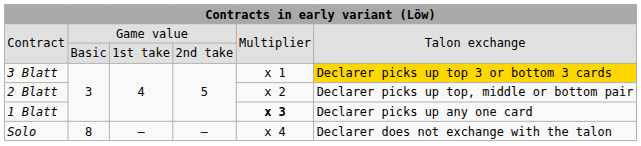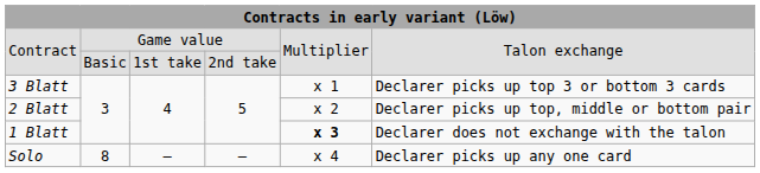 <table class="wikitable">
 <tr>
 <td style="background:#A9A9A9" colspan="6" align="center"><strong>Contracts in early variant (Löw)</strong></td>
 </tr>
 <tr>
 <td style="background:#E0E0E0" align="center" rowspan="2">Contract</td>
 <td style="background:#E0E0E0" align="center" colspan="3">Game value</td>
 <td style="background:#E0E0E0" align="center" rowspan="2">Multiplier</td>
 <td style="background:#E0E0E0" align="center" rowspan="2">Talon exchange</td>
 </tr>
 <tr>
 <td style="background:#E0E0E0" align="center">Basic</td>
 <td style="background:#E0E0E0" align="center">1st take</td>
 <td style="background:#E0E0E0" align="center">2nd take</td>
 </tr>
 <tr>
 <td><em>3 Blatt</em></td>
 <td rowspan = "3" align="center">3</td>
 <td rowspan = "3" align="center">4</td>
 <td rowspan = "3" align="center">5</td>
 <td align="center">x 1</td>
-<td style="background: gold;">Declarer picks up top 3 or bottom 3 cards</td>
+<td>Declarer picks up top 3 or bottom 3 cards</td>
 </tr>
 <tr>
 <td><em>2 Blatt</em></td>
 <td align="center">x 2</td>
 <td>Declarer picks up top, middle or bottom pair</td>
 </tr>
 <tr>
 <td><em>1 Blatt</em></td>
 <td align="center"><strong>x 3</strong></td>
-<td>Declarer picks up any one card</td>
+<td>Declarer does not exchange with  the talon</td>
 </tr>
 <tr>
 <td><em>Solo</em></td>
 <td align="center">8</td>
 <td align="center">–</td>
 <td align="center">–</td>
 <td align="center">x 4</td>
-<td>Declarer does not exchange with  the talon</td>
+<td>Declarer picks up any one card</td>
 </tr>
 </table>
